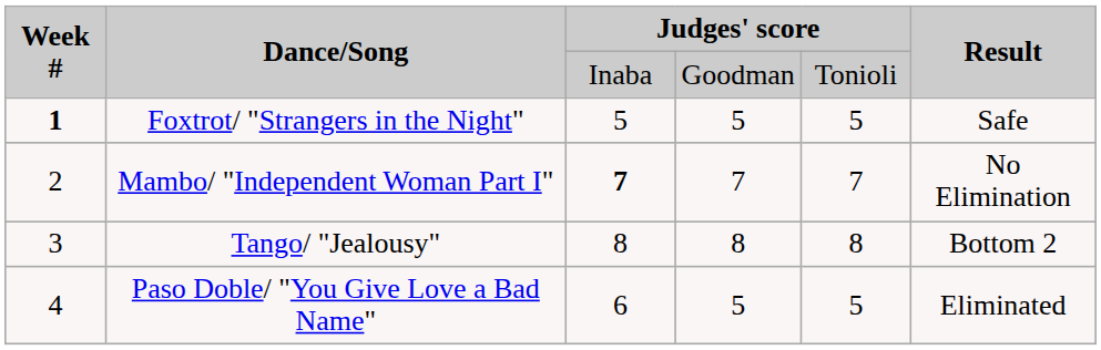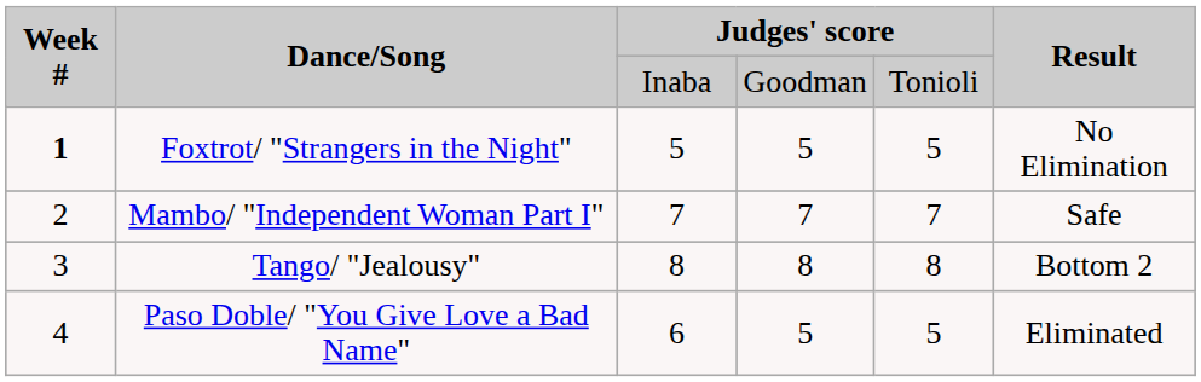 <table class="wikitable" style="float:left;">
 <tr style="text-align:Center; background:#ccc;">
 <td rowspan="2"><strong>Week #</strong></td>
 <td rowspan="2"><strong>Dance/Song</strong></td>
 <td colspan="3"><strong>Judges' score</strong></td>
 <td rowspan="2"><strong>Result</strong></td>
 </tr>
 <tr style="text-align:center; background:#ccc;">
 <td style="width:10%; ">Inaba</td>
 <td style="width:10%; ">Goodman</td>
 <td style="width:10%; ">Tonioli</td>
 </tr>
 <tr style="text-align:center; background:#faf6f6;">
 <td><strong>1</strong></td>
 <td><a href='#'>Foxtrot</a>/ "<a href='#'>Strangers in the Night</a>"</td>
 <td>5</td>
 <td>5</td>
 <td>5</td>
-<td>Safe</td>
+<td>No Elimination</td>
 </tr>
 <tr style="text-align:center; background:#faf6f6;">
 <td>2</td>
 <td><a href='#'>Mambo</a>/ "<a href='#'>Independent Woman Part I</a>"</td>
-<td><strong>7</strong></td>
 <td>7</td>
 <td>7</td>
-<td>No Elimination</td>
+<td>7</td>
+<td>Safe</td>
 </tr>
 <tr style="text-align:center; background:#faf6f6;">
 <td>3</td>
 <td><a href='#'>Tango</a>/ "Jealousy"</td>
 <td>8</td>
 <td>8</td>
 <td>8</td>
 <td>Bottom 2</td>
 </tr>
 <tr>
 <td style="text-align:center; background:#faf6f6;">4</td>
 <td style="text-align:center; background:#faf6f6;"><a href='#'>Paso Doble</a>/ "<a href='#'>You Give Love a Bad Name</a>"</td>
 <td style="text-align:center; background:#faf6f6;">6</td>
 <td style="text-align:center; background:#faf6f6;">5</td>
 <td style="text-align:center; background:#faf6f6;">5</td>
 <td style="text-align:center; background:#faf6f6;">Eliminated</td>
 </tr>
 </table>
